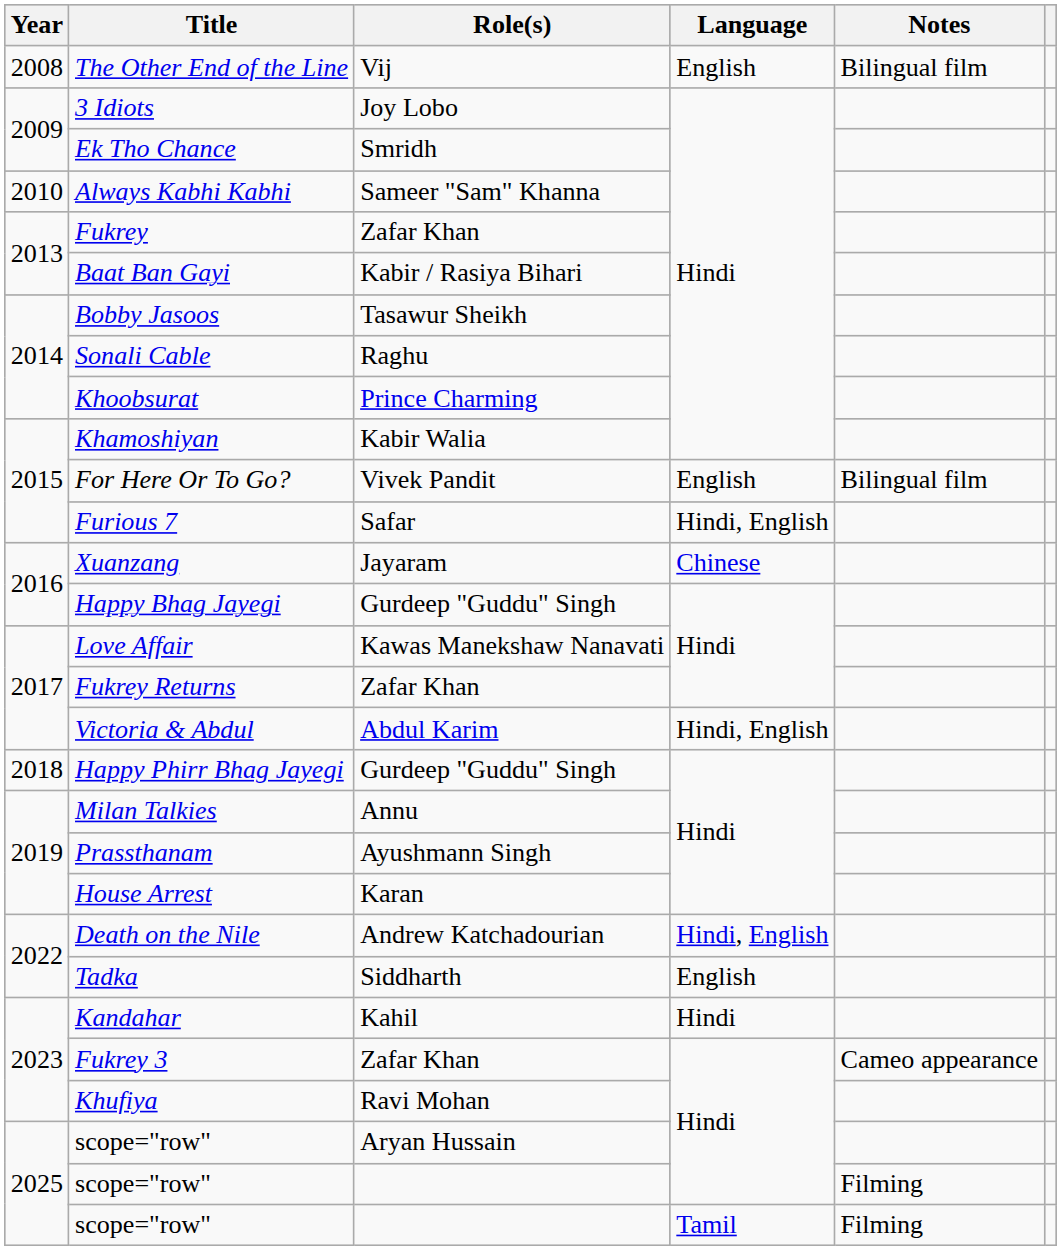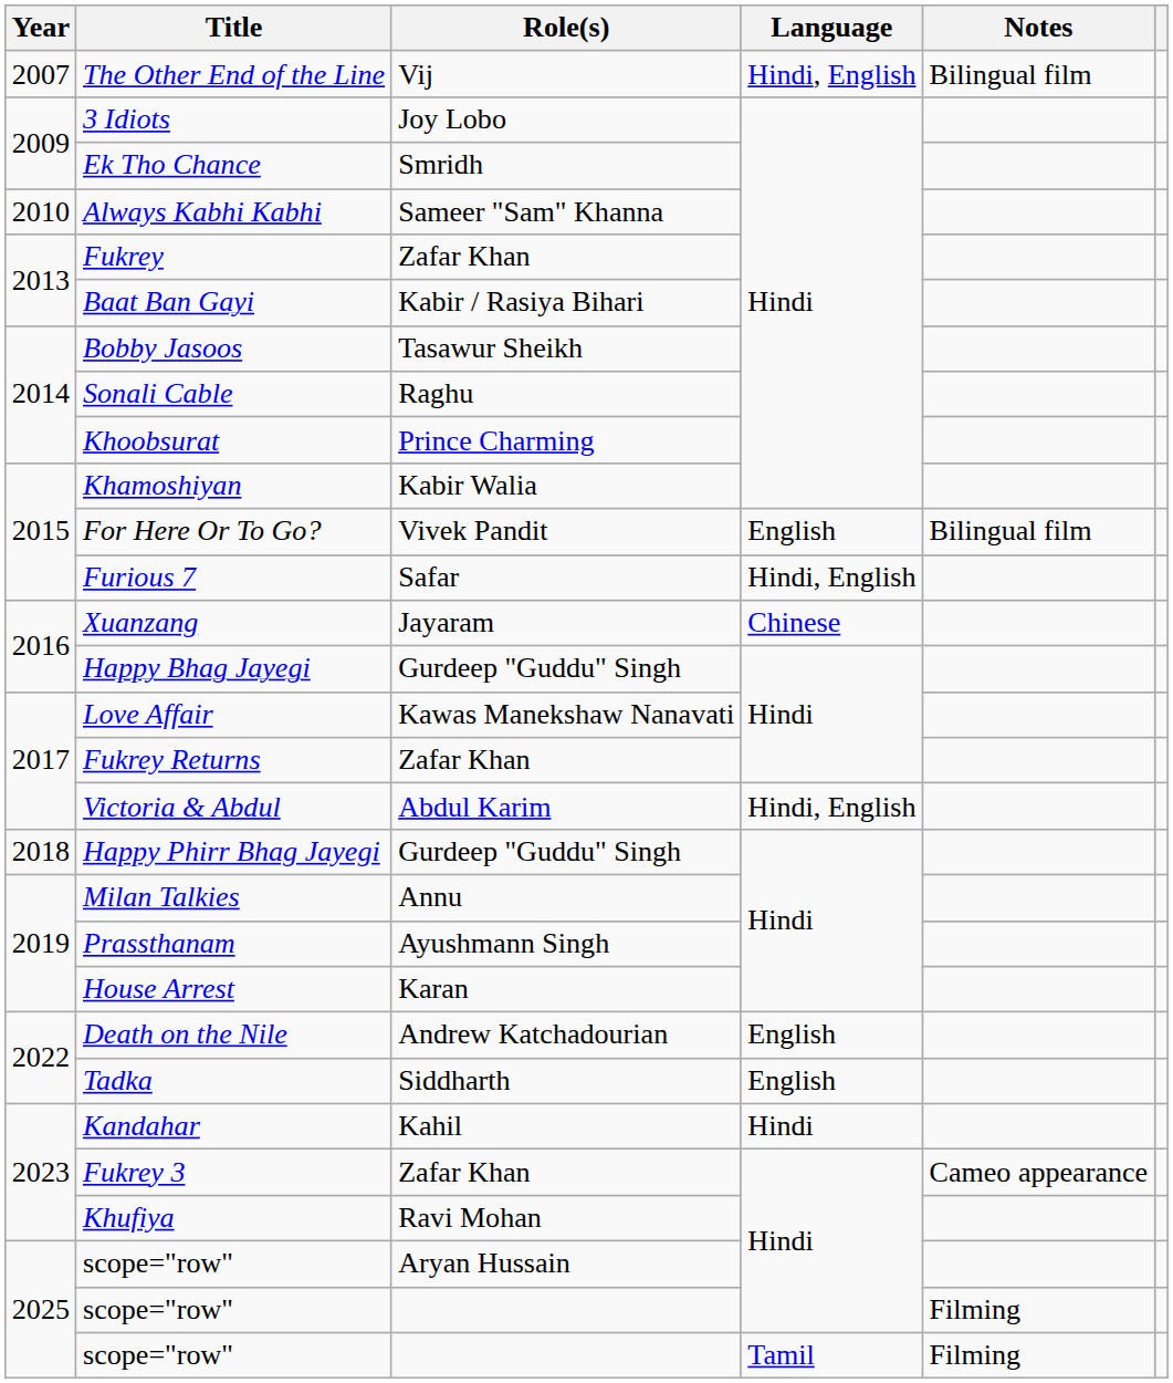 <table class="wikitable sortable">
 <tr>
 <th>Year</th>
 <th>Title</th>
 <th>Role(s)</th>
 <th>Language</th>
 <th class="unsortable">Notes</th>
 <th scope="col" class="unsortable"></th>
 </tr>
 <tr>
-<td>2008</td>
+<td>2007</td>
 <td data-sort-value="Other End of the Line, The"><em><a href='#'>The Other End of the Line</a></em></td>
 <td>Vij</td>
-<td>English</td>
+<td><a href='#'>Hindi</a>, <a href='#'>English</a></td>
 <td>Bilingual film</td>
 <td></td>
 </tr>
 <tr>
 <td rowspan="2">2009</td>
 <td><em><a href='#'>3 Idiots</a></em></td>
 <td>Joy Lobo</td>
 <td rowspan="9">Hindi</td>
 <td></td>
 <td></td>
 </tr>
 <tr>
 <td><em><a href='#'>Ek Tho Chance</a></em></td>
 <td>Smridh</td>
 <td></td>
 <td></td>
 </tr>
 <tr>
 <td>2010</td>
 <td><em><a href='#'>Always Kabhi Kabhi</a></em></td>
 <td>Sameer "Sam" Khanna</td>
 <td></td>
 <td></td>
 </tr>
 <tr>
 <td rowspan="2">2013</td>
 <td><em><a href='#'>Fukrey</a></em></td>
 <td>Zafar Khan</td>
 <td></td>
 <td></td>
 </tr>
 <tr>
 <td><em><a href='#'>Baat Ban Gayi</a></em></td>
 <td>Kabir / Rasiya Bihari</td>
 <td></td>
 <td></td>
 </tr>
 <tr>
 <td rowspan="3">2014</td>
 <td><em><a href='#'>Bobby Jasoos</a></em></td>
 <td>Tasawur Sheikh</td>
 <td></td>
 <td></td>
 </tr>
 <tr>
 <td><em><a href='#'>Sonali Cable</a></em></td>
 <td>Raghu</td>
 <td></td>
 <td></td>
 </tr>
 <tr>
 <td><em><a href='#'>Khoobsurat</a></em></td>
 <td><a href='#'>Prince Charming</a></td>
 <td></td>
 <td></td>
 </tr>
 <tr>
 <td rowspan="3">2015</td>
 <td><em><a href='#'>Khamoshiyan</a></em></td>
 <td>Kabir Walia</td>
 <td></td>
 <td></td>
 </tr>
 <tr>
 <td><em>For Here Or To Go?</em></td>
 <td>Vivek Pandit</td>
 <td>English</td>
 <td>Bilingual film</td>
 <td><br></td>
 </tr>
 <tr>
 <td><em><a href='#'>Furious 7</a></em></td>
 <td>Safar</td>
 <td>Hindi, English</td>
 <td></td>
 <td><br></td>
 </tr>
 <tr>
 <td rowspan="2">2016</td>
 <td><em><a href='#'>Xuanzang</a></em></td>
 <td>Jayaram</td>
 <td><a href='#'>Chinese</a></td>
 <td></td>
 <td></td>
 </tr>
 <tr>
 <td><em><a href='#'>Happy Bhag Jayegi</a></em></td>
 <td>Gurdeep "Guddu" Singh</td>
 <td rowspan="3">Hindi</td>
 <td></td>
 <td></td>
 </tr>
 <tr>
 <td rowspan="3">2017</td>
 <td><em><a href='#'>Love Affair</a></em></td>
 <td>Kawas Manekshaw Nanavati</td>
 <td></td>
 <td></td>
 </tr>
 <tr>
 <td><em><a href='#'>Fukrey Returns</a></em></td>
 <td>Zafar Khan</td>
 <td></td>
 <td></td>
 </tr>
 <tr>
 <td><em><a href='#'>Victoria & Abdul</a></em></td>
 <td><a href='#'>Abdul Karim</a></td>
 <td>Hindi, English</td>
 <td></td>
 <td></td>
 </tr>
 <tr>
 <td>2018</td>
 <td><em><a href='#'>Happy Phirr Bhag Jayegi</a></em></td>
 <td>Gurdeep "Guddu" Singh</td>
 <td rowspan="4">Hindi</td>
 <td></td>
 <td></td>
 </tr>
 <tr>
 <td rowspan="3">2019</td>
 <td><em><a href='#'>Milan Talkies</a></em></td>
 <td>Annu</td>
 <td></td>
 <td></td>
 </tr>
 <tr>
 <td><em><a href='#'>Prassthanam</a></em></td>
 <td>Ayushmann Singh</td>
 <td></td>
 <td></td>
 </tr>
 <tr>
 <td><em><a href='#'>House Arrest</a></em></td>
 <td>Karan</td>
 <td></td>
 <td></td>
 </tr>
 <tr>
 <td rowspan="2">2022</td>
 <td><em><a href='#'>Death on the Nile</a></em></td>
 <td>Andrew Katchadourian</td>
-<td><a href='#'>Hindi</a>, <a href='#'>English</a></td>
+<td>English</td>
 <td></td>
 <td></td>
 </tr>
 <tr>
 <td><em><a href='#'>Tadka</a></em></td>
 <td>Siddharth</td>
 <td>English</td>
 <td></td>
 <td></td>
 </tr>
 <tr>
 <td rowspan="3">2023</td>
 <td><em><a href='#'>Kandahar</a></em></td>
 <td>Kahil</td>
 <td>Hindi</td>
 <td></td>
 <td></td>
 </tr>
 <tr>
 <td><em><a href='#'>Fukrey 3</a></em></td>
 <td>Zafar Khan</td>
 <td rowspan="4">Hindi</td>
 <td>Cameo appearance</td>
 <td></td>
 </tr>
 <tr>
 <td><em><a href='#'>Khufiya</a></em></td>
 <td>Ravi Mohan</td>
 <td></td>
 <td><br></td>
 </tr>
 <tr>
 <td rowspan="3">2025</td>
 <td>scope="row" </td>
 <td>Aryan Hussain</td>
 <td></td>
 <td></td>
 </tr>
 <tr>
 <td>scope="row" </td>
 <td></td>
 <td>Filming</td>
 <td></td>
 </tr>
 <tr>
 <td>scope="row" </td>
 <td></td>
 <td><a href='#'>Tamil</a></td>
 <td>Filming</td>
 <td></td>
 </tr>
 </table>
